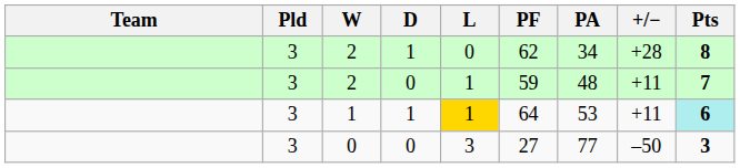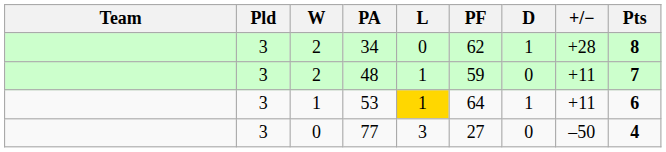 <table class="wikitable" style="text-align:center">
 <tr>
 <th width="200">Team</th>
 <th width="40">Pld</th>
 <th width="40">W</th>
-<th width="40">D</th>
+<th width="40">PA</th>
 <th width="40">L</th>
 <th width="40">PF</th>
-<th width="40">PA</th>
+<th width="40">D</th>
 <th width="40">+/−</th>
 <th width="40">Pts</th>
 </tr>
 <tr style="background:#cfc">
 <td align=left></td>
 <td>3</td>
 <td>2</td>
-<td>1</td>
+<td>34</td>
 <td>0</td>
 <td>62</td>
-<td>34</td>
+<td>1</td>
 <td>+28</td>
 <td><strong>8</strong></td>
 </tr>
 <tr style="background:#cfc">
 <td align=left></td>
 <td>3</td>
 <td>2</td>
-<td>0</td>
+<td>48</td>
 <td>1</td>
 <td>59</td>
-<td>48</td>
+<td>0</td>
 <td>+11</td>
 <td><strong>7</strong></td>
 </tr>
 <tr>
 <td align=left></td>
 <td>3</td>
 <td>1</td>
-<td>1</td>
+<td>53</td>
 <td style="background: gold;">1</td>
 <td>64</td>
-<td>53</td>
+<td>1</td>
 <td>+11</td>
-<td style="background: paleturquoise;"><strong>6</strong></td>
+<td><strong>6</strong></td>
 </tr>
 <tr>
 <td align=left></td>
 <td>3</td>
 <td>0</td>
-<td>0</td>
+<td>77</td>
 <td>3</td>
 <td>27</td>
-<td>77</td>
+<td>0</td>
 <td>–50</td>
-<td><strong>3</strong></td>
+<td><strong>4</strong></td>
 </tr>
 </table>
